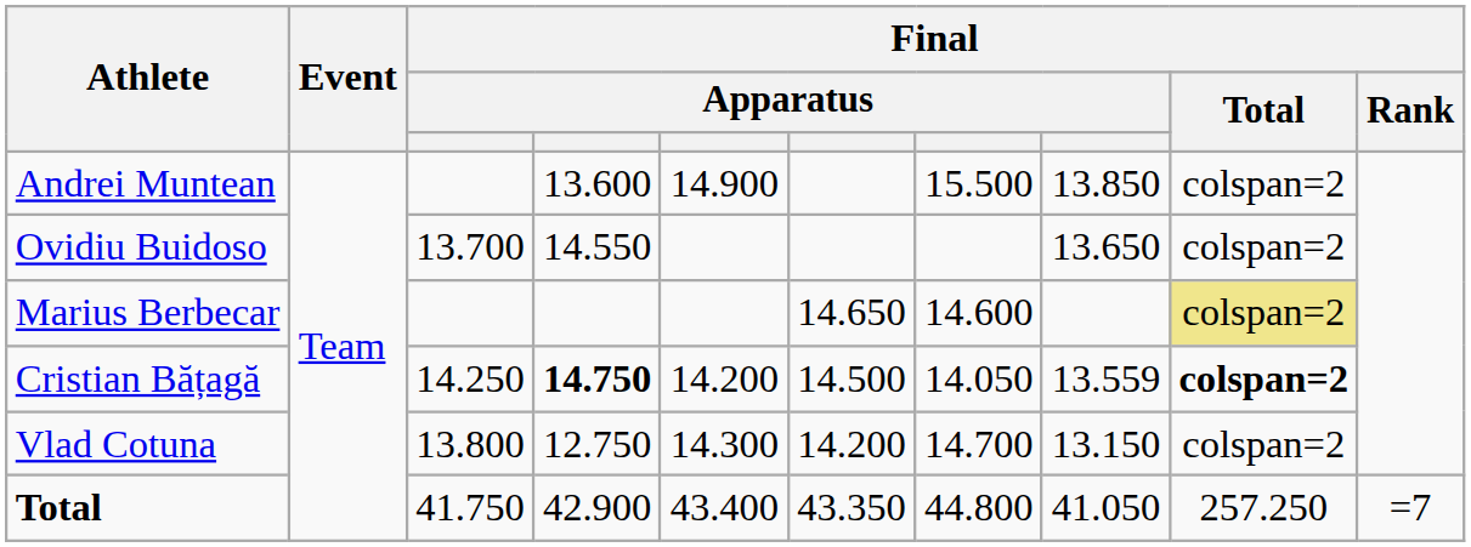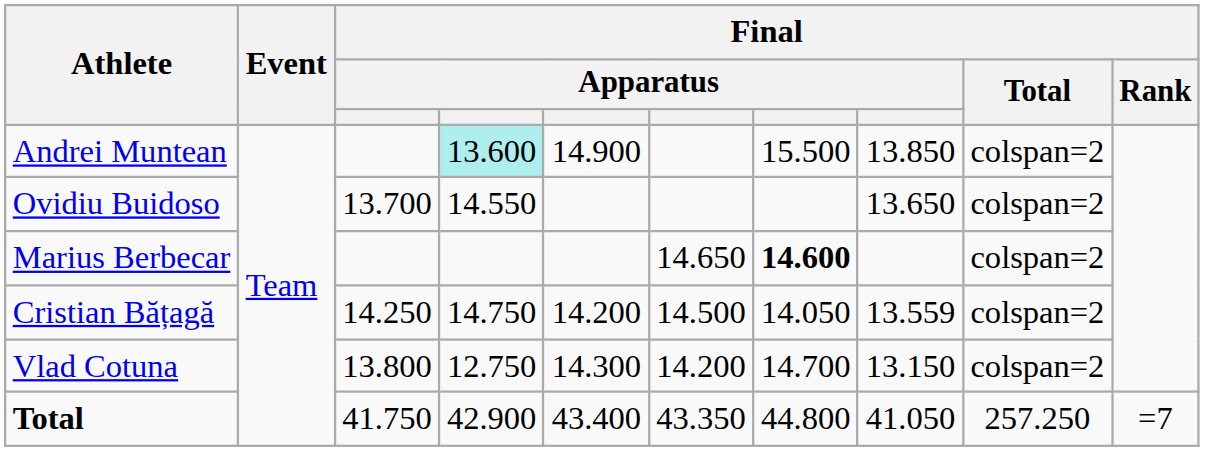 <table class="wikitable" style="font-size:90%">
 <tr>
 <th rowspan=3>Athlete</th>
 <th rowspan=3>Event</th>
 <th colspan =8>Final</th>
 </tr>
 <tr style="font-size:95%">
 <th colspan=6>Apparatus</th>
 <th rowspan=2>Total</th>
 <th rowspan=2>Rank</th>
 </tr>
 <tr style="font-size:95%">
 <th></th>
 <th></th>
 <th></th>
 <th></th>
 <th></th>
 <th></th>
 </tr>
 <tr align=center>
 <td align=left><a href='#'>Andrei Muntean</a></td>
 <td align=left rowspan=6><a href='#'>Team</a></td>
 <td></td>
-<td>13.600</td>
+<td style="background: paleturquoise;">13.600</td>
 <td>14.900</td>
 <td></td>
 <td>15.500</td>
 <td>13.850</td>
 <td>colspan=2 </td>
 </tr>
 <tr align=center>
 <td align=left><a href='#'>Ovidiu Buidoso</a></td>
 <td>13.700</td>
 <td>14.550</td>
 <td></td>
 <td></td>
 <td></td>
 <td>13.650</td>
 <td>colspan=2 </td>
 </tr>
 <tr align=center>
 <td align=left><a href='#'>Marius Berbecar</a></td>
 <td></td>
 <td></td>
 <td></td>
 <td>14.650</td>
-<td>14.600</td>
+<td><strong>14.600</strong></td>
 <td></td>
-<td style="background: khaki;">colspan=2 </td>
+<td>colspan=2 </td>
 </tr>
 <tr align=center>
 <td align=left><a href='#'>Cristian Bățagă</a></td>
 <td>14.250</td>
-<td><strong>14.750</strong></td>
+<td>14.750</td>
 <td>14.200</td>
 <td>14.500</td>
 <td>14.050</td>
 <td>13.559</td>
-<td><strong>colspan=2 </strong></td>
+<td>colspan=2 </td>
 </tr>
 <tr align=center>
 <td align=left><a href='#'>Vlad Cotuna</a></td>
 <td>13.800</td>
 <td>12.750</td>
 <td>14.300</td>
 <td>14.200</td>
 <td>14.700</td>
 <td>13.150</td>
 <td>colspan=2 </td>
 </tr>
 <tr align=center>
 <td align=left><strong>Total</strong></td>
 <td>41.750</td>
 <td>42.900</td>
 <td>43.400</td>
 <td>43.350</td>
 <td>44.800</td>
 <td>41.050</td>
 <td>257.250</td>
 <td>=7</td>
 </tr>
 </table>
